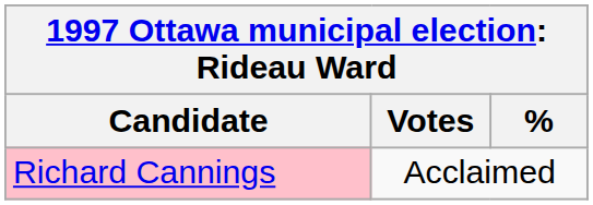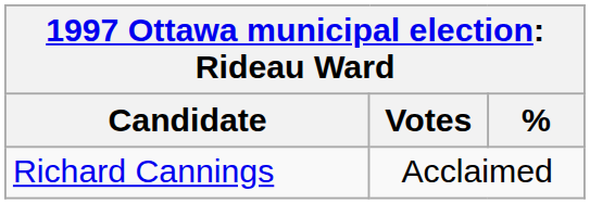 <table class="wikitable">
 <tr>
 <th colspan="3"><a href='#'>1997 Ottawa municipal election</a>: Rideau Ward</th>
 </tr>
 <tr>
 <th style="width: 170px">Candidate</th>
 <th style="width: 50px">Votes</th>
 <th style="width: 40px">%</th>
 </tr>
 <tr>
-<td style="background: pink;"><a href='#'>Richard Cannings</a></td>
+<td><a href='#'>Richard Cannings</a></td>
 <td colspan="2" align="center">Acclaimed</td>
 </tr>
 </table>
